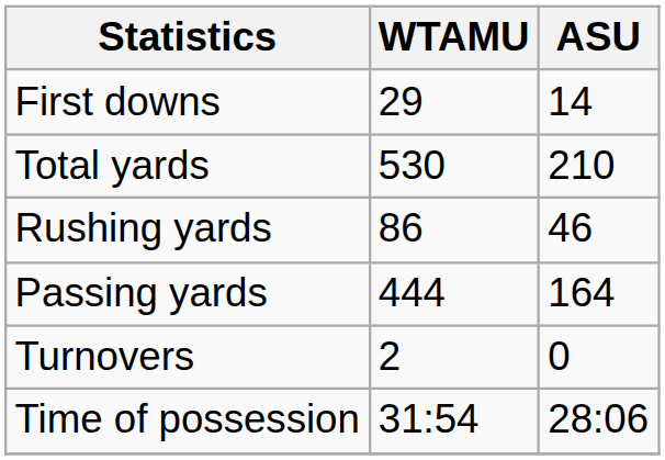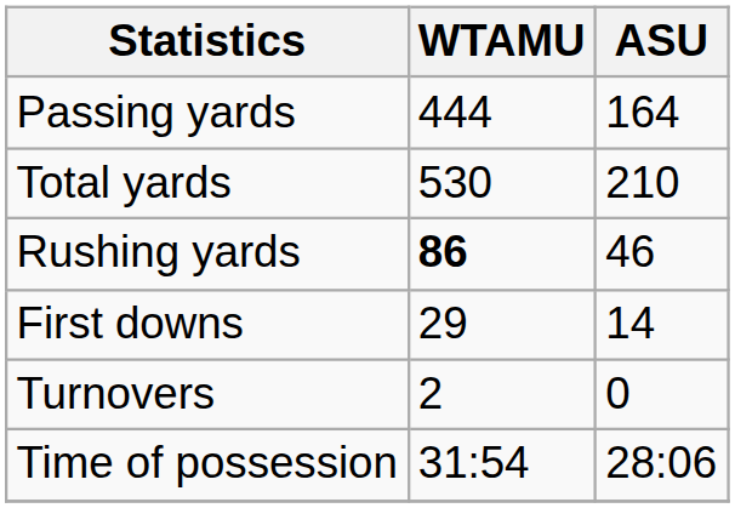 <table class="wikitable" style="float: left;">
 <tr>
 <th>Statistics</th>
 <th>WTAMU</th>
 <th>ASU</th>
 </tr>
 <tr>
-<td>First downs</td>
-<td>29</td>
-<td>14</td>
+<td>Passing yards</td>
+<td>444</td>
+<td>164</td>
 </tr>
 <tr>
 <td>Total yards</td>
 <td>530</td>
 <td>210</td>
 </tr>
 <tr>
 <td>Rushing yards</td>
-<td>86</td>
+<td><strong>86</strong></td>
 <td>46</td>
 </tr>
 <tr>
-<td>Passing yards</td>
-<td>444</td>
-<td>164</td>
+<td>First downs</td>
+<td>29</td>
+<td>14</td>
 </tr>
 <tr>
 <td>Turnovers</td>
 <td>2</td>
 <td>0</td>
 </tr>
 <tr>
 <td>Time of possession</td>
 <td>31:54</td>
 <td>28:06</td>
 </tr>
 <tr>
 </tr>
 </table>
